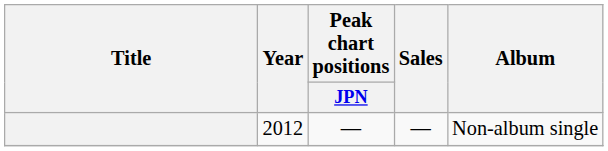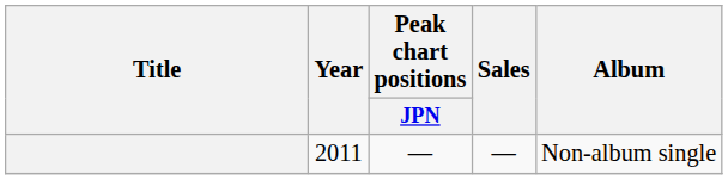 <table class="wikitable plainrowheaders" style="text-align:center;">
 <tr>
 <th scope="col" rowspan="2" style="width:12em;">Title</th>
 <th scope="col" rowspan="2">Year</th>
 <th scope="col" colspan="1">Peak chart positions</th>
 <th scope="col" rowspan="2">Sales</th>
 <th scope="col" rowspan="2">Album</th>
 </tr>
 <tr>
 <th scope="col" style="width:3em;font-size:90%;"><a href='#'>JPN</a></th>
 </tr>
 <tr>
 <th scope="row"></th>
-<td>2012</td>
+<td>2011</td>
 <td>—</td>
 <td>—</td>
 <td>Non-album single</td>
 </tr>
 <tr>
 </tr>
 </table>
